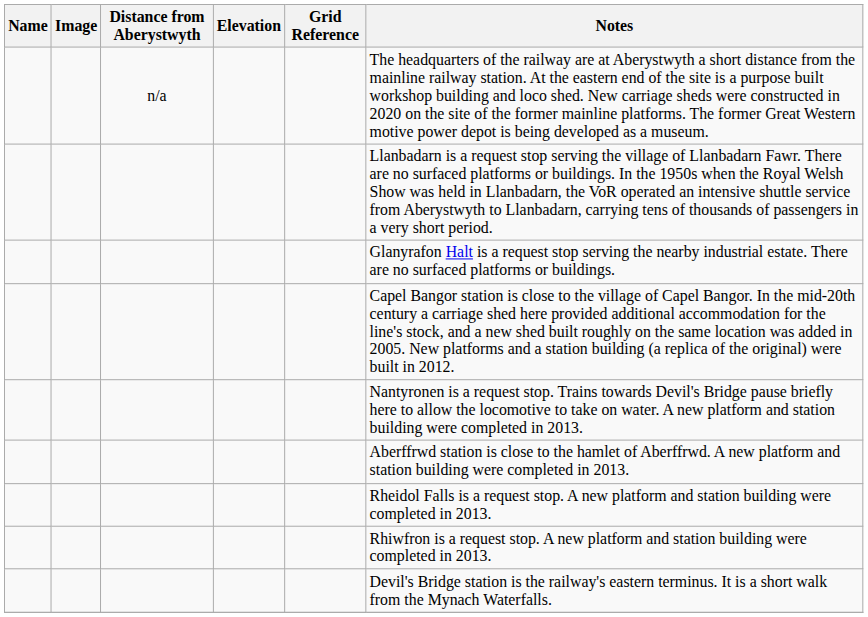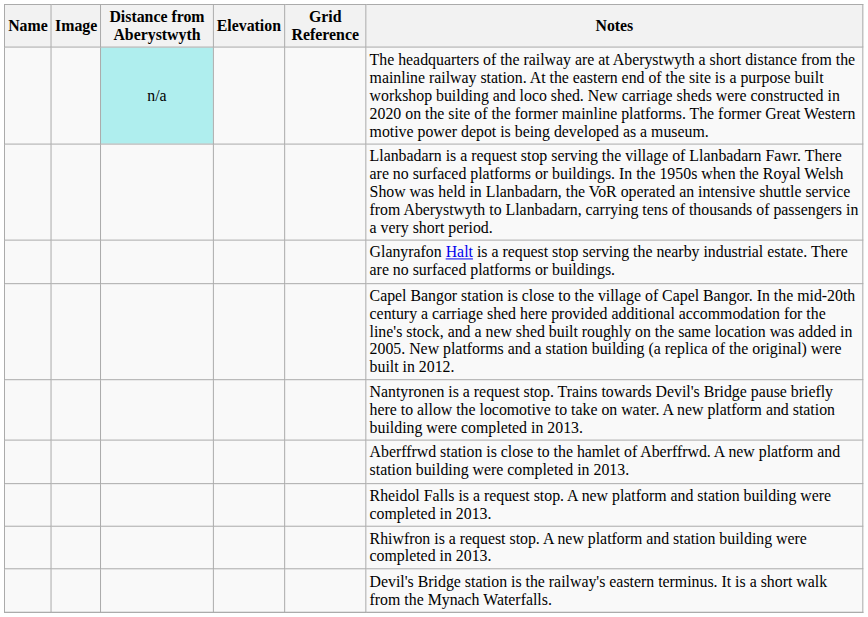 <table class="wikitable">
 <tr>
 <th>Name</th>
 <th>Image</th>
 <th>Distance from Aberystwyth</th>
 <th>Elevation</th>
 <th>Grid Reference</th>
 <th>Notes</th>
 </tr>
 <tr>
 <td align=center></td>
 <td></td>
-<td align=center>n/a</td>
+<td align=center style="background: paleturquoise;">n/a</td>
 <td align=center></td>
 <td align=center></td>
 <td>The headquarters of the railway are at Aberystwyth a short distance from the mainline railway station. At the eastern end of the site is a purpose built workshop building and loco shed. New carriage sheds were constructed in 2020 on the site of the former mainline platforms. The former Great Western motive power depot is being developed as a museum.</td>
 </tr>
 <tr>
 <td align=center></td>
 <td></td>
 <td align=center></td>
 <td align=center></td>
 <td align=center></td>
 <td>Llanbadarn is a request stop serving the village of Llanbadarn Fawr. There are no surfaced platforms or buildings. In the 1950s when the Royal Welsh Show was held in Llanbadarn, the VoR operated an intensive shuttle service from Aberystwyth to Llanbadarn, carrying tens of thousands of passengers in a very short period.</td>
 </tr>
 <tr>
 <td align=center></td>
 <td></td>
 <td align=center></td>
 <td align=center></td>
 <td align=center></td>
 <td>Glanyrafon <a href='#'>Halt</a> is a request stop serving the nearby industrial estate. There are no surfaced platforms or buildings.</td>
 </tr>
 <tr>
 <td align=center></td>
 <td></td>
 <td align=center></td>
 <td align=center></td>
 <td align=center></td>
 <td>Capel Bangor station is close to the village of Capel Bangor. In the mid-20th century a carriage shed here provided additional accommodation for the line's stock, and a new shed built roughly on the same location was added in 2005. New platforms and a station building (a replica of the original) were built in 2012.</td>
 </tr>
 <tr>
 <td align=center></td>
 <td></td>
 <td align=center></td>
 <td align=center> </td>
 <td align=center></td>
 <td>Nantyronen is a request stop. Trains towards Devil's Bridge pause briefly here to allow the locomotive to take on water. A new platform and station building were completed in 2013.</td>
 </tr>
 <tr>
 <td align=center></td>
 <td></td>
 <td align=center></td>
 <td align=center> </td>
 <td align=center></td>
 <td>Aberffrwd station is close to the hamlet of Aberffrwd. A new platform and station building were completed in 2013.</td>
 </tr>
 <tr>
 <td align=center></td>
 <td></td>
 <td align=center></td>
 <td align=center></td>
 <td align=center></td>
 <td>Rheidol Falls is a request stop. A new platform and station building were completed in 2013.</td>
 </tr>
 <tr>
 <td align=center></td>
 <td></td>
 <td align=center></td>
 <td align=center></td>
 <td align=center></td>
 <td>Rhiwfron is a request stop. A new platform and station building were completed in 2013.</td>
 </tr>
 <tr>
 <td align=center></td>
 <td></td>
 <td align=center></td>
 <td align=center></td>
 <td align=center></td>
 <td>Devil's Bridge station is the railway's eastern terminus. It is a short walk from the Mynach Waterfalls.</td>
 </tr>
 <tr>
 </tr>
 </table>
